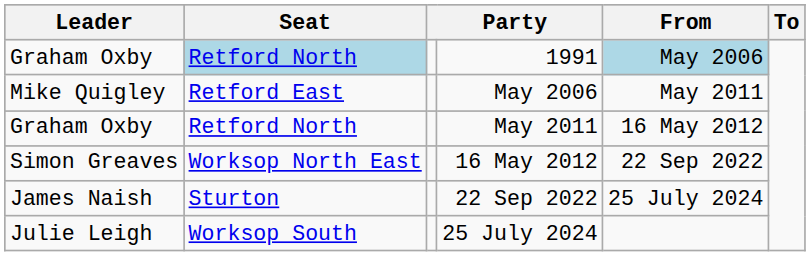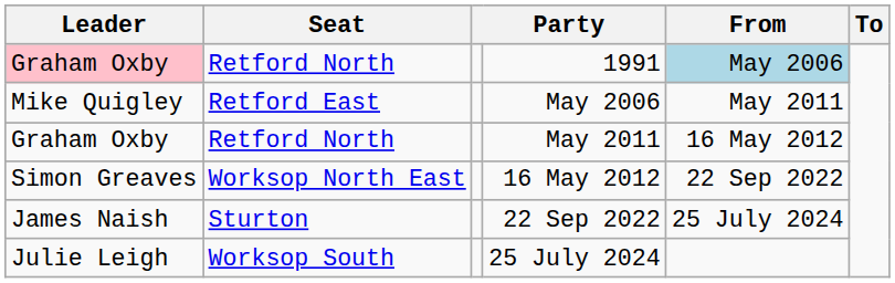 <table class="wikitable">
 <tr>
 <th>Leader</th>
 <th>Seat</th>
 <th colspan="2">Party</th>
 <th>From</th>
 <th>To</th>
 </tr>
 <tr>
-<td>Graham Oxby</td>
-<td style="background: lightblue;"><a href='#'>Retford North</a></td>
+<td style="background: pink;">Graham Oxby</td>
+<td><a href='#'>Retford North</a></td>
 <td></td>
 <td align=right>1991</td>
 <td align=right style="background: lightblue;">May 2006</td>
 </tr>
 <tr>
 <td>Mike Quigley</td>
 <td><a href='#'>Retford East</a></td>
 <td></td>
 <td align=right>May 2006</td>
 <td align=right>May 2011</td>
 </tr>
 <tr>
 <td>Graham Oxby</td>
 <td><a href='#'>Retford North</a></td>
 <td></td>
 <td align=right>May 2011</td>
 <td align=right>16 May 2012</td>
 </tr>
 <tr>
 <td>Simon Greaves</td>
 <td><a href='#'>Worksop North East</a></td>
 <td></td>
 <td align=right>16 May 2012</td>
 <td align=right>22 Sep 2022</td>
 </tr>
 <tr>
 <td>James Naish</td>
 <td><a href='#'>Sturton</a></td>
 <td></td>
 <td align=right>22 Sep 2022</td>
 <td align=right>25 July 2024</td>
 </tr>
 <tr>
 <td>Julie Leigh</td>
 <td><a href='#'>Worksop South</a></td>
 <td></td>
 <td align=right>25 July 2024</td>
 <td></td>
 </tr>
 </table>
